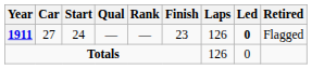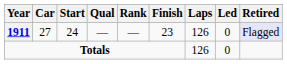 <table class="wikitable" style="text-align:center">
 <tr>
 <th>Year</th>
 <th>Car</th>
 <th>Start</th>
 <th>Qual</th>
 <th>Rank</th>
 <th>Finish</th>
 <th>Laps</th>
 <th>Led</th>
 <th>Retired</th>
 </tr>
 <tr>
 <th><a href='#'>1911</a></th>
 <td>27</td>
 <td>24</td>
 <td>—</td>
 <td>—</td>
 <td>23</td>
 <td>126</td>
-<td><strong>0</strong></td>
-<td>Flagged</td>
+<td>0</td>
+<td style="background: lavender;">Flagged</td>
 </tr>
 <tr>
 <td colspan=6><strong>Totals</strong></td>
 <td>126</td>
 <td>0</td>
 <td></td>
 </tr>
 </table>
